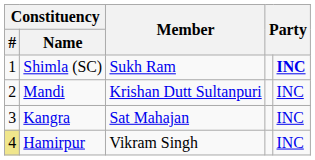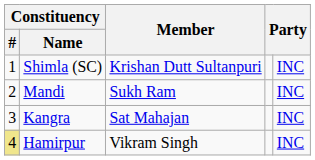 <table class="wikitable sortable">
 <tr>
 <th colspan="2">Constituency</th>
 <th rowspan="2">Member</th>
 <th colspan="2" rowspan="2">Party</th>
 </tr>
 <tr>
 <th>#</th>
 <th>Name</th>
 </tr>
 <tr>
 <td>1</td>
 <td><a href='#'>Shimla</a> (SC)</td>
-<td><a href='#'>Sukh Ram</a></td>
+<td><a href='#'>Krishan Dutt Sultanpuri</a></td>
 <td style="background-color: "></td>
-<td><strong><a href='#'>INC</a></strong></td>
+<td><a href='#'>INC</a></td>
 </tr>
 <tr>
 <td>2</td>
 <td><a href='#'>Mandi</a></td>
-<td><a href='#'>Krishan Dutt Sultanpuri</a></td>
+<td><a href='#'>Sukh Ram</a></td>
 <td style="background-color: "></td>
 <td><a href='#'>INC</a></td>
 </tr>
 <tr>
 <td>3</td>
 <td><a href='#'>Kangra</a></td>
 <td><a href='#'>Sat Mahajan</a></td>
 <td style="background-color: "></td>
 <td><a href='#'>INC</a></td>
 </tr>
 <tr>
 <td style="background: khaki;">4</td>
 <td><a href='#'>Hamirpur</a></td>
 <td>Vikram Singh</td>
 <td style="background-color: "></td>
 <td><a href='#'>INC</a></td>
 </tr>
 </table>
